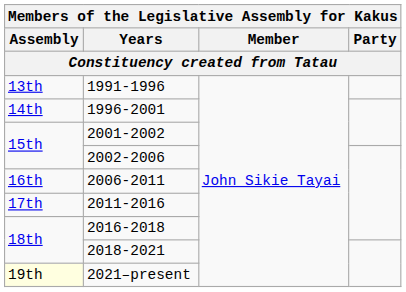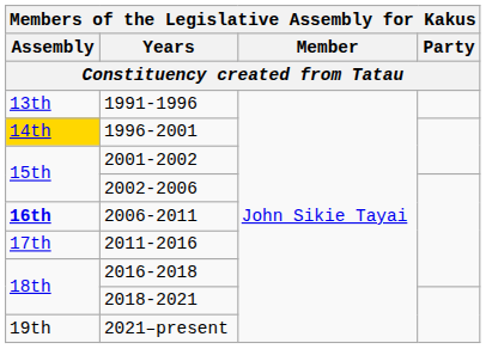 <table class=wikitable>
 <tr>
 <th colspan="4">Members of the Legislative Assembly for Kakus</th>
 </tr>
 <tr>
 <th>Assembly</th>
 <th>Years</th>
 <th>Member</th>
 <th>Party</th>
 </tr>
 <tr>
 <th colspan=4 align=center><em>Constituency created from Tatau</em></th>
 </tr>
 <tr>
 <td><a href='#'>13th</a></td>
 <td>1991-1996</td>
 <td rowspan="9"><a href='#'>John Sikie Tayai</a></td>
 <td></td>
 </tr>
 <tr>
-<td><a href='#'>14th</a></td>
+<td style="background: gold;"><a href='#'>14th</a></td>
 <td>1996-2001</td>
 <td rowspan=2></td>
 </tr>
 <tr>
 <td rowspan=2><a href='#'>15th</a></td>
 <td>2001-2002</td>
 </tr>
 <tr>
 <td>2002-2006</td>
 <td rowspan=4></td>
 </tr>
 <tr>
-<td><a href='#'>16th</a></td>
+<td><strong><a href='#'>16th</a></strong></td>
 <td>2006-2011</td>
 </tr>
 <tr>
 <td><a href='#'>17th</a></td>
 <td>2011-2016</td>
 </tr>
 <tr>
 <td rowspan="2"><a href='#'>18th</a></td>
 <td>2016-2018</td>
 </tr>
 <tr>
 <td>2018-2021</td>
 <td rowspan=2></td>
 </tr>
 <tr>
-<td style="background: lightyellow;">19th</td>
+<td>19th</td>
 <td>2021–present</td>
 </tr>
 </table>
